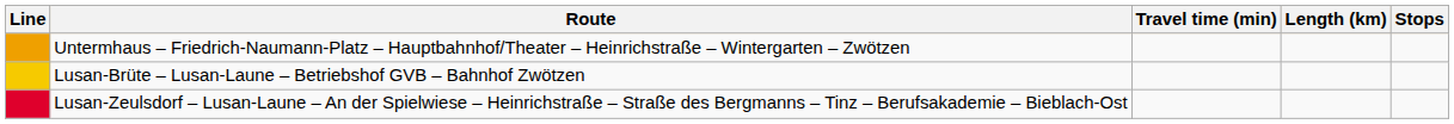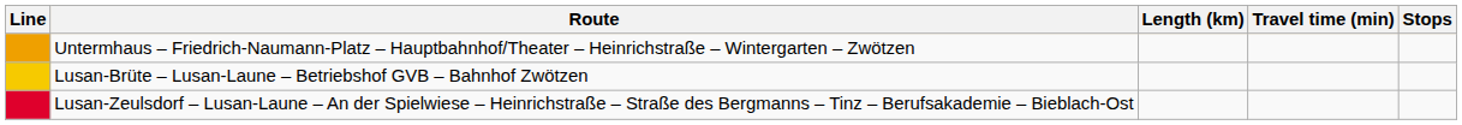 <table class="wikitable">
 <tr ---- bgcolor="#FFDEAD">
 <th>Line</th>
 <th>Route</th>
+<th>Length (km)</th>
 <th>Travel time (min)</th>
-<th>Length (km)</th>
 <th>Stops</th>
 </tr>
 <tr>
 <td style="background-color:#EFA000;text-align:center;font-weight:bold"></td>
 <td>Untermhaus – Friedrich-Naumann-Platz – Hauptbahnhof/Theater – Heinrichstraße – Wintergarten – Zwötzen</td>
 <td></td>
 <td></td>
 <td></td>
 </tr>
 <tr>
 <td style="background-color:#F6CA00;text-align:center;font-weight:bold"></td>
 <td>Lusan-Brüte – Lusan-Laune – Betriebshof GVB – Bahnhof Zwötzen</td>
 <td></td>
 <td></td>
 <td></td>
 </tr>
 <tr>
 <td style="background-color:#DF002C;text-align:center;font-weight:bold"></td>
 <td>Lusan-Zeulsdorf – Lusan-Laune – An der Spielwiese – Heinrichstraße – Straße des Bergmanns – Tinz – Berufsakademie – Bieblach-Ost</td>
 <td></td>
 <td></td>
 <td></td>
 </tr>
 </table>
